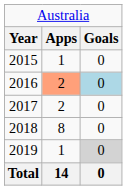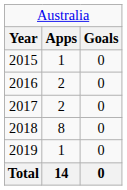 <table class="wikitable" style="text-align:center">
 <tr>
 <td colspan=3><a href='#'>Australia</a></td>
 </tr>
 <tr>
 <th>Year</th>
 <th>Apps</th>
 <th>Goals</th>
 </tr>
 <tr>
 <td>2015</td>
 <td>1</td>
 <td>0</td>
 </tr>
 <tr>
 <td>2016</td>
-<td style="background: lightsalmon;">2</td>
-<td style="background: lightblue;">0</td>
+<td>2</td>
+<td>0</td>
 </tr>
 <tr>
 <td>2017</td>
 <td>2</td>
 <td>0</td>
 </tr>
 <tr>
 <td>2018</td>
 <td>8</td>
 <td>0</td>
 </tr>
 <tr>
 <td>2019</td>
 <td>1</td>
-<td style="background: lightgrey;">0</td>
+<td>0</td>
 </tr>
 <tr>
 <th>Total</th>
 <th>14</th>
 <th>0</th>
 </tr>
 </table>
